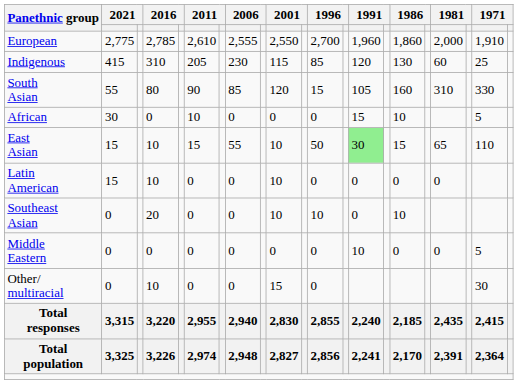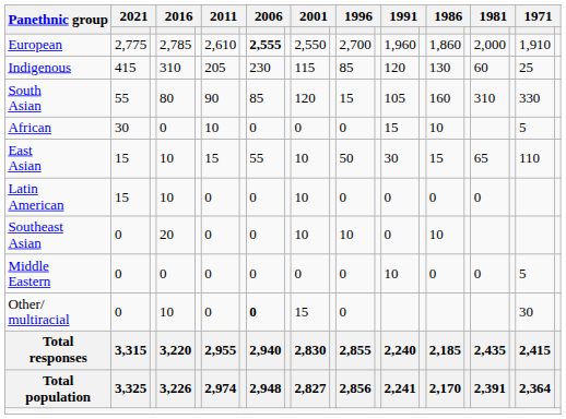 <table class="wikitable collapsible sortable">
 <tr>
 <th rowspan="2"><a href='#'>Panethnic</a> group</th>
 <th colspan="2">2021</th>
 <th colspan="2">2016</th>
 <th colspan="2">2011</th>
 <th colspan="2">2006</th>
 <th colspan="2">2001</th>
 <th colspan="2">1996</th>
 <th colspan="2">1991</th>
 <th colspan="2">1986</th>
 <th colspan="2">1981</th>
 <th colspan="2">1971</th>
 </tr>
 <tr>
 <th><a href='#'></a></th>
 <th></th>
 <th></th>
 <th></th>
 <th></th>
 <th></th>
 <th></th>
 <th></th>
 <th></th>
 <th></th>
 <th></th>
 <th></th>
 <th></th>
 <th></th>
 <th></th>
 <th></th>
 <th></th>
 <th></th>
 <th></th>
 <th></th>
 </tr>
 <tr>
 <td><a href='#'>European</a></td>
 <td>2,775</td>
 <td></td>
 <td>2,785</td>
 <td></td>
 <td>2,610</td>
 <td></td>
-<td>2,555</td>
+<td><strong>2,555</strong></td>
 <td></td>
 <td>2,550</td>
 <td></td>
 <td>2,700</td>
 <td></td>
 <td>1,960</td>
 <td></td>
 <td>1,860</td>
 <td></td>
 <td>2,000</td>
 <td></td>
 <td>1,910</td>
 <td></td>
 </tr>
 <tr>
 <td><a href='#'>Indigenous</a></td>
 <td>415</td>
 <td></td>
 <td>310</td>
 <td></td>
 <td>205</td>
 <td></td>
 <td>230</td>
 <td></td>
 <td>115</td>
 <td></td>
 <td>85</td>
 <td></td>
 <td>120</td>
 <td></td>
 <td>130</td>
 <td></td>
 <td>60</td>
 <td></td>
 <td>25</td>
 <td></td>
 </tr>
 <tr>
 <td><a href='#'>South<br>Asian</a></td>
 <td>55</td>
 <td></td>
 <td>80</td>
 <td></td>
 <td>90</td>
 <td></td>
 <td>85</td>
 <td></td>
 <td>120</td>
 <td></td>
 <td>15</td>
 <td></td>
 <td>105</td>
 <td></td>
 <td>160</td>
 <td></td>
 <td>310</td>
 <td></td>
 <td>330</td>
 <td></td>
 </tr>
 <tr>
 <td><a href='#'>African</a></td>
 <td>30</td>
 <td></td>
 <td>0</td>
 <td></td>
 <td>10</td>
 <td></td>
 <td>0</td>
 <td></td>
 <td>0</td>
 <td></td>
 <td>0</td>
 <td></td>
 <td>15</td>
 <td></td>
 <td>10</td>
 <td></td>
 <td></td>
 <td></td>
 <td>5</td>
 <td></td>
 </tr>
 <tr>
 <td><a href='#'>East<br>Asian</a></td>
 <td>15</td>
 <td></td>
 <td>10</td>
 <td></td>
 <td>15</td>
 <td></td>
 <td>55</td>
 <td></td>
 <td>10</td>
 <td></td>
 <td>50</td>
 <td></td>
-<td style="background: lightgreen;">30</td>
+<td>30</td>
 <td></td>
 <td>15</td>
 <td></td>
 <td>65</td>
 <td></td>
 <td>110</td>
 <td></td>
 </tr>
 <tr>
 <td><a href='#'>Latin<br>American</a></td>
 <td>15</td>
 <td></td>
 <td>10</td>
 <td></td>
 <td>0</td>
 <td></td>
 <td>0</td>
 <td></td>
 <td>10</td>
 <td></td>
 <td>0</td>
 <td></td>
 <td>0</td>
 <td></td>
 <td>0</td>
 <td></td>
 <td>0</td>
 <td></td>
 <td></td>
 <td></td>
 </tr>
 <tr>
 <td><a href='#'>Southeast<br>Asian</a></td>
 <td>0</td>
 <td></td>
 <td>20</td>
 <td></td>
 <td>0</td>
 <td></td>
 <td>0</td>
 <td></td>
 <td>10</td>
 <td></td>
 <td>10</td>
 <td></td>
 <td>0</td>
 <td></td>
 <td>10</td>
 <td></td>
 <td></td>
 <td></td>
 <td></td>
 <td></td>
 </tr>
 <tr>
 <td><a href='#'>Middle<br>Eastern</a></td>
 <td>0</td>
 <td></td>
 <td>0</td>
 <td></td>
 <td>0</td>
 <td></td>
 <td>0</td>
 <td></td>
 <td>0</td>
 <td></td>
 <td>0</td>
 <td></td>
 <td>10</td>
 <td></td>
 <td>0</td>
 <td></td>
 <td>0</td>
 <td></td>
 <td>5</td>
 <td></td>
 </tr>
 <tr>
 <td>Other/<br><a href='#'>multiracial</a></td>
 <td>0</td>
 <td></td>
 <td>10</td>
 <td></td>
 <td>0</td>
 <td></td>
-<td>0</td>
+<td><strong>0</strong></td>
 <td></td>
 <td>15</td>
 <td></td>
 <td>0</td>
 <td></td>
 <td></td>
 <td></td>
 <td></td>
 <td></td>
 <td></td>
 <td></td>
 <td>30</td>
 <td></td>
 </tr>
 <tr>
 <th>Total<br>responses</th>
 <th>3,315</th>
 <th></th>
 <th>3,220</th>
 <th></th>
 <th>2,955</th>
 <th></th>
 <th>2,940</th>
 <th></th>
 <th>2,830</th>
 <th></th>
 <th>2,855</th>
 <th></th>
 <th>2,240</th>
 <th></th>
 <th>2,185</th>
 <th></th>
 <th>2,435</th>
 <th></th>
 <th>2,415</th>
 <th></th>
 </tr>
 <tr class="sortbottom">
 <th>Total<br>population</th>
 <th>3,325</th>
 <th></th>
 <th>3,226</th>
 <th></th>
 <th>2,974</th>
 <th></th>
 <th>2,948</th>
 <th></th>
 <th>2,827</th>
 <th></th>
 <th>2,856</th>
 <th></th>
 <th>2,241</th>
 <th></th>
 <th>2,170</th>
 <th></th>
 <th>2,391</th>
 <th></th>
 <th>2,364</th>
 <th></th>
 </tr>
 <tr class="sortbottom">
 <td colspan="22"></td>
 </tr>
 </table>
